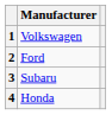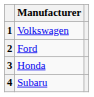 <table class="wikitable" style="font-size: 85%;; text-align:center;">
 <tr valign="top">
 <th></th>
 <th>Manufacturer</th>
 <th></th>
 </tr>
 <tr>
 <th>1</th>
 <td align=left> <a href='#'>Volkswagen</a></td>
 <th></th>
 </tr>
 <tr>
 <th>2</th>
 <td align=left> <a href='#'>Ford</a></td>
 <th></th>
 </tr>
 <tr>
 <th>3</th>
-<td align=left> <a href='#'>Subaru</a></td>
+<td align=left> <a href='#'>Honda</a></td>
 <th></th>
 </tr>
 <tr>
 <th>4</th>
-<td align=left> <a href='#'>Honda</a></td>
+<td align=left> <a href='#'>Subaru</a></td>
 <th></th>
 </tr>
 </table>
